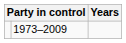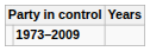 <table class="wikitable">
 <tr>
 <th colspan="2">Party in control</th>
 <th>Years</th>
 </tr>
 <tr>
 <td></td>
-<td>1973–2009</td>
+<td><strong>1973–2009</strong></td>
 </tr>
 </table>
